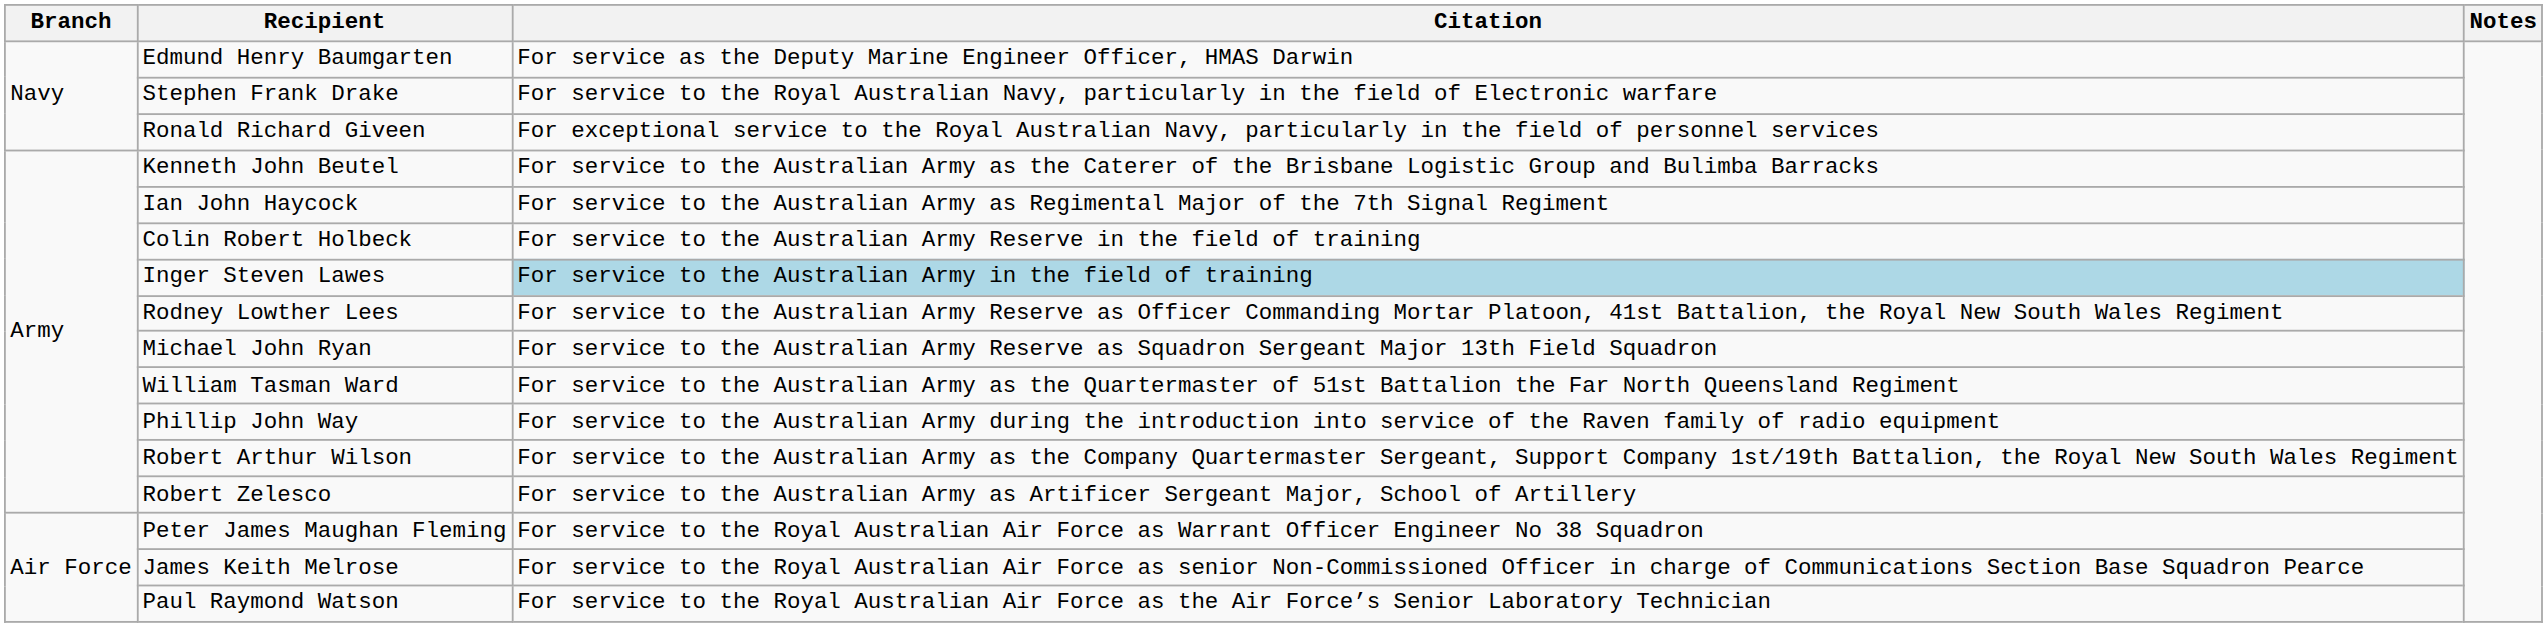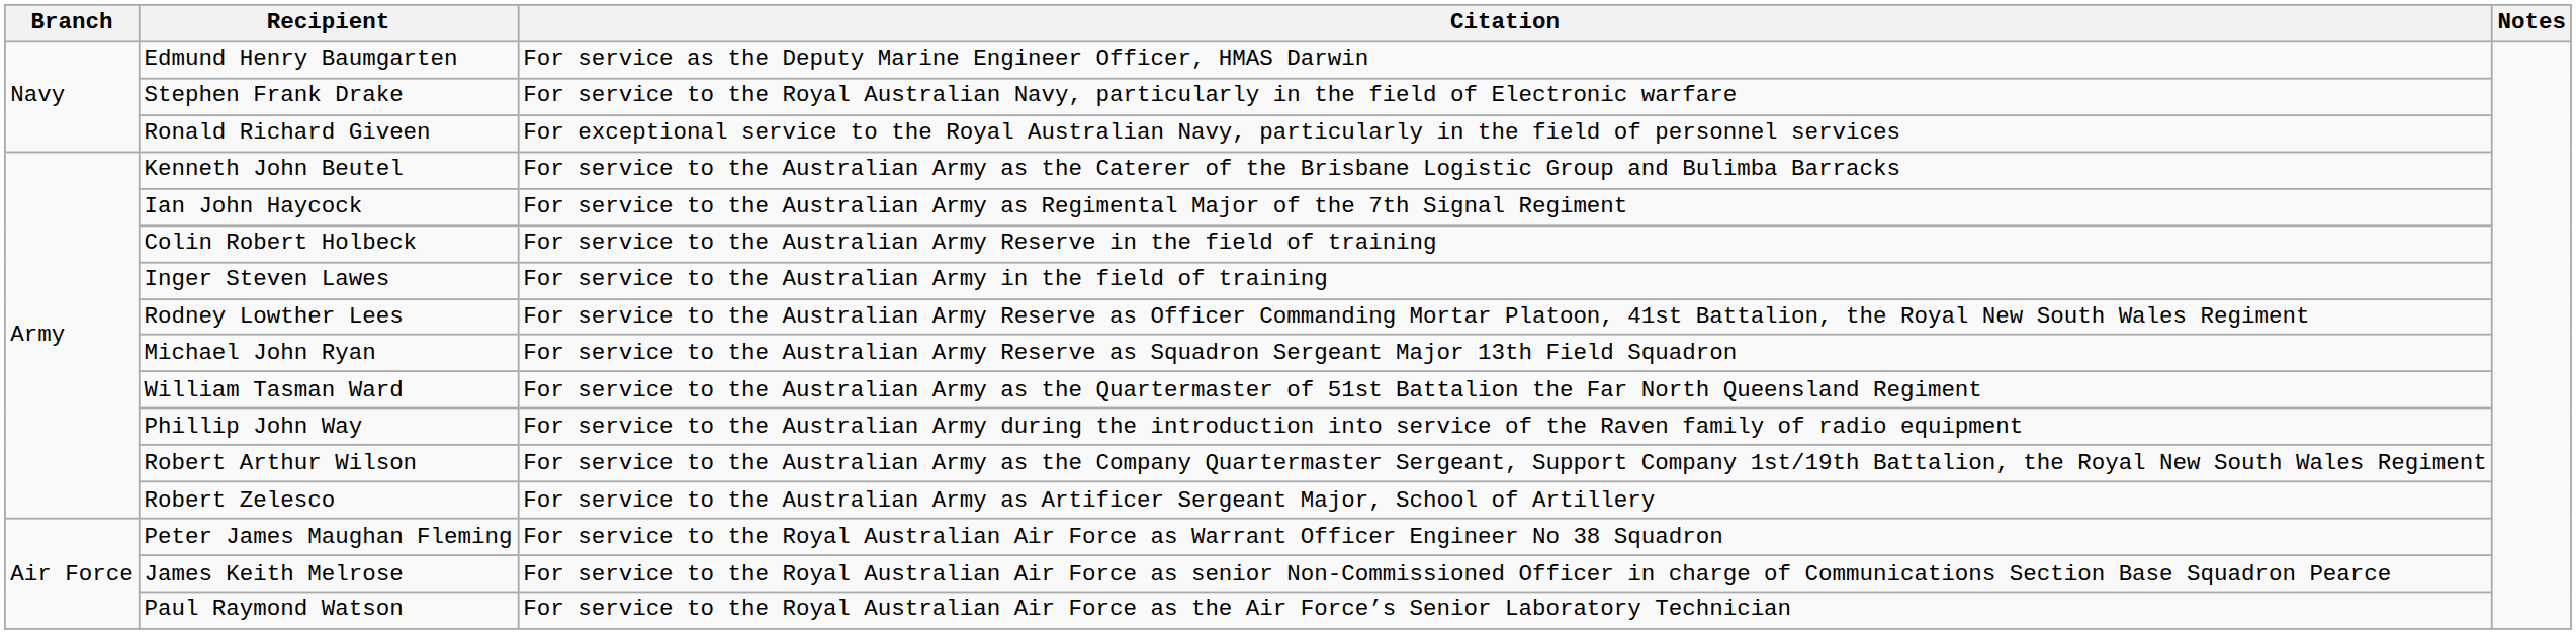 <table class="wikitable" style="font-size:95%;">
 <tr>
 <th>Branch</th>
 <th>Recipient</th>
 <th>Citation</th>
 <th>Notes</th>
 </tr>
 <tr>
 <td rowspan=3>Navy</td>
 <td> Edmund Henry Baumgarten</td>
 <td>For service as the Deputy Marine Engineer Officer, HMAS Darwin</td>
 <td rowspan=16></td>
 </tr>
 <tr>
 <td> Stephen Frank Drake</td>
 <td>For service to the Royal Australian Navy, particularly in the field of Electronic warfare</td>
 </tr>
 <tr>
 <td> Ronald Richard Giveen</td>
 <td>For exceptional service to the Royal Australian Navy, particularly in the field of personnel services</td>
 </tr>
 <tr>
 <td rowspan=10>Army</td>
 <td> Kenneth John Beutel</td>
 <td>For service to the Australian Army as the Caterer of the Brisbane Logistic Group and Bulimba Barracks</td>
 </tr>
 <tr>
 <td> Ian John Haycock</td>
 <td>For service to the Australian Army as Regimental Major of the 7th Signal Regiment</td>
 </tr>
 <tr>
 <td> Colin Robert Holbeck</td>
 <td>For service to the Australian Army Reserve in the field of training</td>
 </tr>
 <tr>
 <td> Inger Steven Lawes</td>
-<td style="background: lightblue;">For service to the Australian Army in the field of training</td>
+<td>For service to the Australian Army in the field of training</td>
 </tr>
 <tr>
 <td> Rodney Lowther Lees</td>
 <td>For service to the Australian Army Reserve as Officer Commanding Mortar Platoon, 41st Battalion, the Royal New South Wales Regiment</td>
 </tr>
 <tr>
 <td> Michael John Ryan</td>
 <td>For service to the Australian Army Reserve as Squadron Sergeant Major 13th Field Squadron</td>
 </tr>
 <tr>
 <td> William Tasman Ward</td>
 <td>For service to the Australian Army as the Quartermaster of 51st Battalion the Far North Queensland Regiment</td>
 </tr>
 <tr>
 <td> Phillip John Way</td>
 <td>For service to the Australian Army during the introduction into service of the Raven family of radio equipment</td>
 </tr>
 <tr>
 <td> Robert Arthur Wilson</td>
 <td>For service to the Australian Army as the Company Quartermaster Sergeant, Support Company 1st/19th Battalion, the Royal New South Wales Regiment</td>
 </tr>
 <tr>
 <td> Robert Zelesco</td>
 <td>For service to the Australian Army as Artificer Sergeant Major, School of Artillery</td>
 </tr>
 <tr>
 <td rowspan=3>Air Force</td>
 <td> Peter James Maughan Fleming</td>
 <td>For service to the Royal Australian Air Force as Warrant Officer Engineer No 38 Squadron</td>
 </tr>
 <tr>
 <td> James Keith Melrose</td>
 <td>For service to the Royal Australian Air Force as senior Non-Commissioned Officer in charge of Communications Section Base Squadron Pearce</td>
 </tr>
 <tr>
 <td> Paul Raymond Watson</td>
 <td>For service to the Royal Australian Air Force as the Air Force’s Senior Laboratory Technician</td>
 </tr>
 </table>
